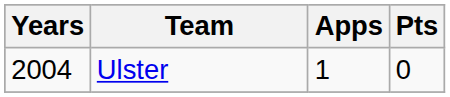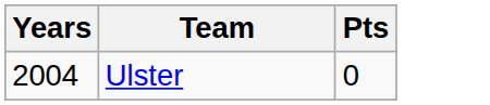 <table class="wikitable" style="text-align:left;">
 <tr>
 <th>Years</th>
 <th width=120px>Team</th>
-<th>Apps</th>
 <th>Pts</th>
 </tr>
 <tr>
 <td>2004</td>
 <td><a href='#'>Ulster</a></td>
-<td>1</td>
 <td>0</td>
 </tr>
 </table>
